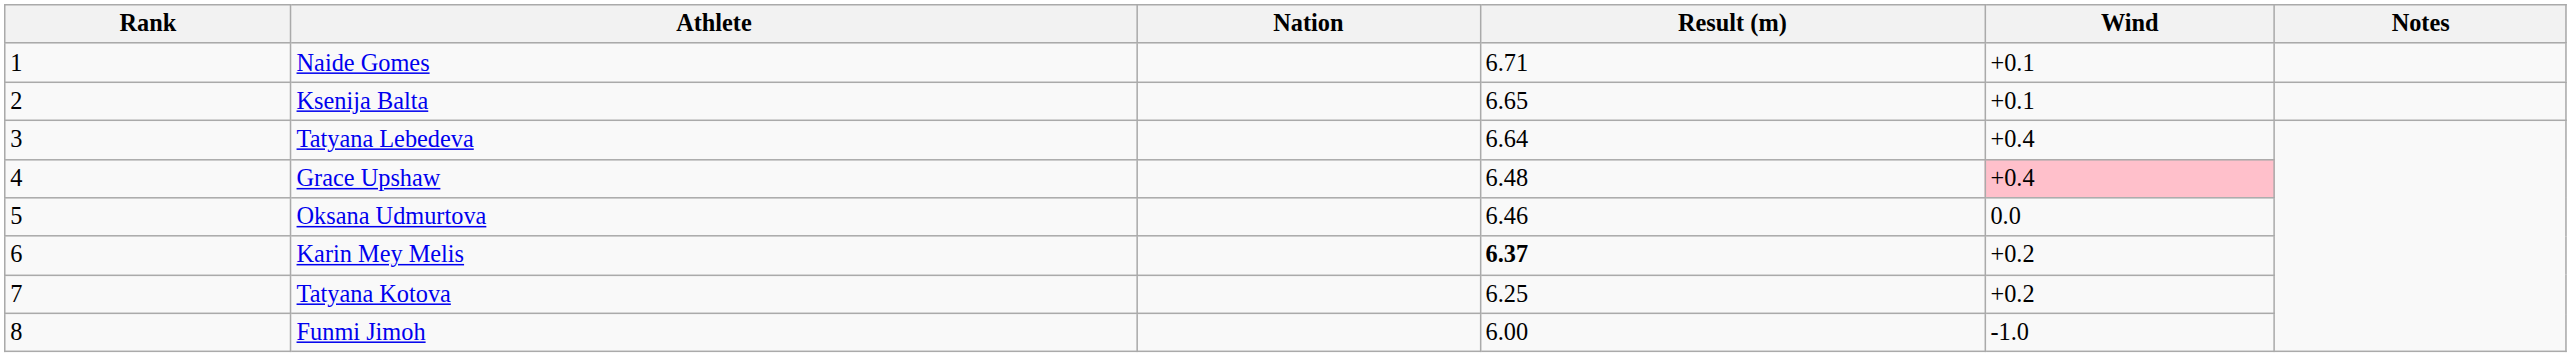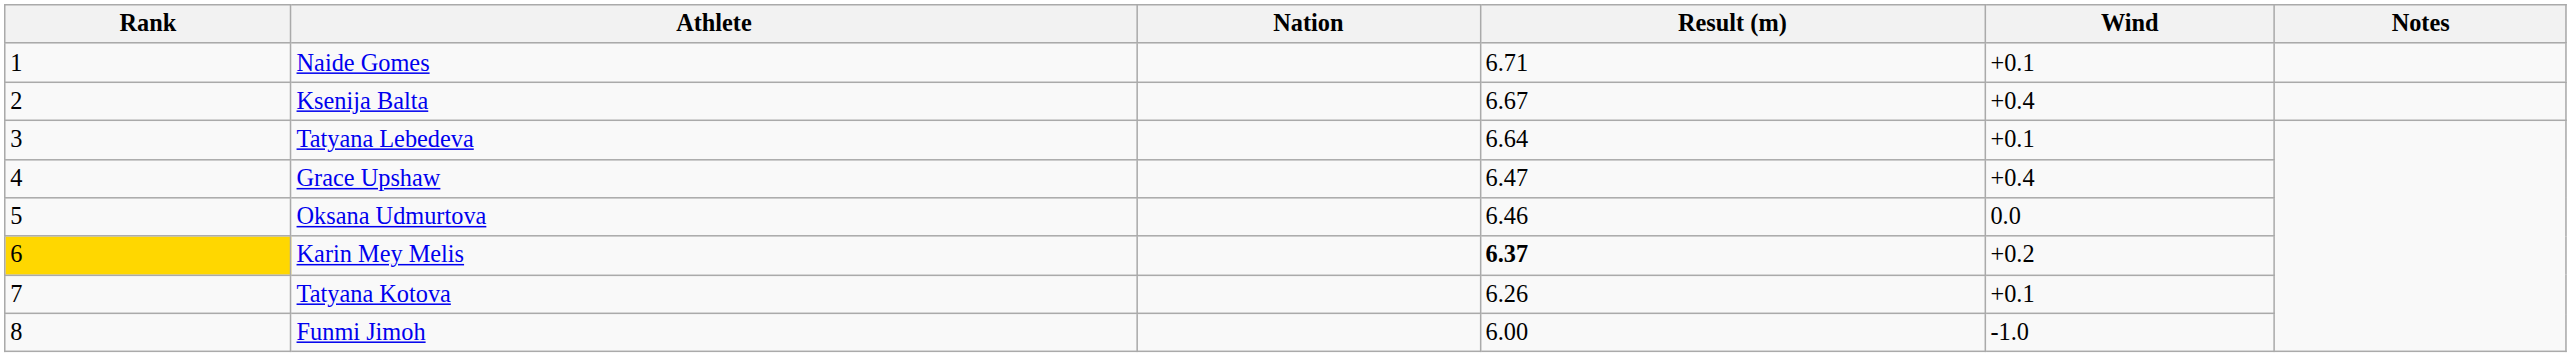 <table class="wikitable" style="text=align:center;" width=85%>
 <tr>
 <th>Rank</th>
 <th>Athlete</th>
 <th>Nation</th>
 <th>Result (m)</th>
 <th>Wind</th>
 <th>Notes</th>
 </tr>
 <tr>
 <td>1</td>
 <td><a href='#'>Naide Gomes</a></td>
 <td></td>
 <td>6.71</td>
 <td>+0.1</td>
 </tr>
 <tr>
 <td>2</td>
 <td><a href='#'>Ksenija Balta</a></td>
 <td></td>
-<td>6.65</td>
-<td>+0.1</td>
+<td>6.67</td>
+<td>+0.4</td>
 <td></td>
 </tr>
 <tr>
 <td>3</td>
 <td><a href='#'>Tatyana Lebedeva</a></td>
 <td></td>
 <td>6.64</td>
-<td>+0.4</td>
+<td>+0.1</td>
 </tr>
 <tr>
 <td>4</td>
 <td><a href='#'>Grace Upshaw</a></td>
 <td></td>
-<td>6.48</td>
-<td style="background: pink;">+0.4</td>
+<td>6.47</td>
+<td>+0.4</td>
 </tr>
 <tr>
 <td>5</td>
 <td><a href='#'>Oksana Udmurtova</a></td>
 <td></td>
 <td>6.46</td>
 <td>0.0</td>
 </tr>
 <tr>
-<td>6</td>
+<td style="background: gold;">6</td>
 <td><a href='#'>Karin Mey Melis</a></td>
 <td></td>
 <td><strong>6.37</strong></td>
 <td>+0.2</td>
 </tr>
 <tr>
 <td>7</td>
 <td><a href='#'>Tatyana Kotova</a></td>
 <td></td>
-<td>6.25</td>
-<td>+0.2</td>
+<td>6.26</td>
+<td>+0.1</td>
 </tr>
 <tr>
 <td>8</td>
 <td><a href='#'>Funmi Jimoh</a></td>
 <td></td>
 <td>6.00</td>
 <td>-1.0</td>
 </tr>
 </table>
